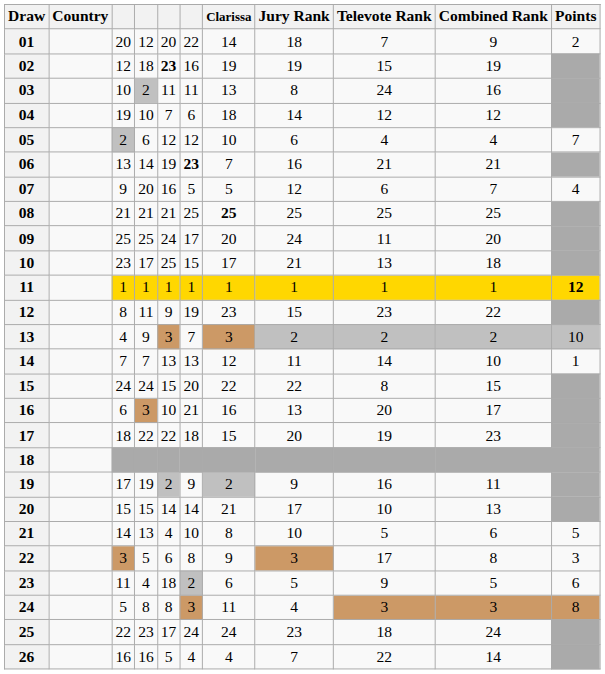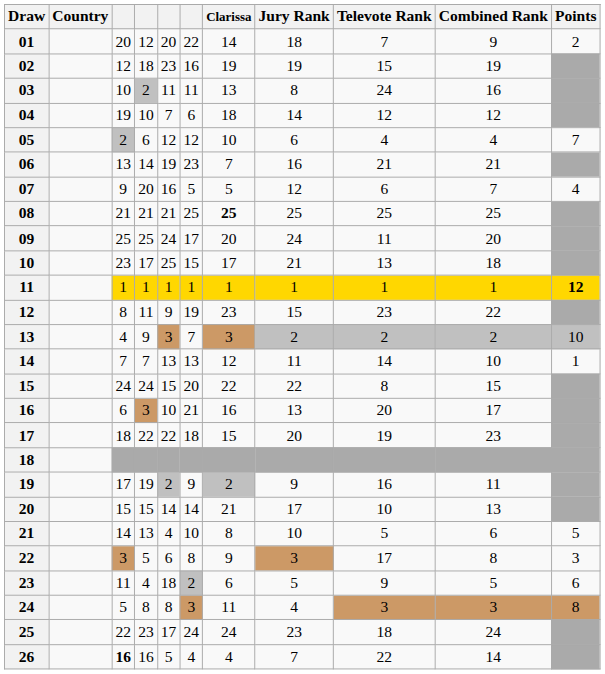 <table class="sortable wikitable collapsible plainrowheaders" style="text-align:center;">
 <tr>
 </tr>
 <tr>
 <th scope="col">Draw</th>
 <th scope="col">Country</th>
 <th scope="col"><small></small></th>
 <th scope="col"><small></small></th>
 <th scope="col"><small></small></th>
 <th scope="col"><small></small></th>
 <th scope="col"><small>Clarissa</small></th>
 <th scope="col">Jury Rank</th>
 <th scope="col">Televote Rank</th>
 <th scope="col">Combined Rank</th>
 <th scope="col">Points</th>
 </tr>
 <tr>
 <th scope="row" style="text-align:center;">01</th>
 <td style="text-align:left;"></td>
 <td>20</td>
 <td>12</td>
 <td>20</td>
 <td>22</td>
 <td>14</td>
 <td>18</td>
 <td>7</td>
 <td>9</td>
 <td>2</td>
 </tr>
 <tr>
 <th scope="row" style="text-align:center;">02</th>
 <td style="text-align:left;"></td>
 <td>12</td>
 <td>18</td>
-<td><strong>23</strong></td>
+<td>23</td>
 <td>16</td>
 <td>19</td>
 <td>19</td>
 <td>15</td>
 <td>19</td>
 <td style="background:#AAAAAA;"></td>
 </tr>
 <tr>
 <th scope="row" style="text-align:center;">03</th>
 <td style="text-align:left;"></td>
 <td>10</td>
 <td style="background:silver;">2</td>
 <td>11</td>
 <td>11</td>
 <td>13</td>
 <td>8</td>
 <td>24</td>
 <td>16</td>
 <td style="background:#AAAAAA;"></td>
 </tr>
 <tr>
 <th scope="row" style="text-align:center;">04</th>
 <td style="text-align:left;"></td>
 <td>19</td>
 <td>10</td>
 <td>7</td>
 <td>6</td>
 <td>18</td>
 <td>14</td>
 <td>12</td>
 <td>12</td>
 <td style="background:#AAAAAA;"></td>
 </tr>
 <tr>
 <th scope="row" style="text-align:center;">05</th>
 <td style="text-align:left;"></td>
 <td style="background:silver;">2</td>
 <td>6</td>
 <td>12</td>
 <td>12</td>
 <td>10</td>
 <td>6</td>
 <td>4</td>
 <td>4</td>
 <td>7</td>
 </tr>
 <tr>
 <th scope="row" style="text-align:center;">06</th>
 <td style="text-align:left;"></td>
 <td>13</td>
 <td>14</td>
 <td>19</td>
-<td><strong>23</strong></td>
+<td>23</td>
 <td>7</td>
 <td>16</td>
 <td>21</td>
 <td>21</td>
 <td style="background:#AAAAAA;"></td>
 </tr>
 <tr>
 <th scope="row" style="text-align:center;">07</th>
 <td style="text-align:left;"></td>
 <td>9</td>
 <td>20</td>
 <td>16</td>
 <td>5</td>
 <td>5</td>
 <td>12</td>
 <td>6</td>
 <td>7</td>
 <td>4</td>
 </tr>
 <tr>
 <th scope="row" style="text-align:center;">08</th>
 <td style="text-align:left;"></td>
 <td>21</td>
 <td>21</td>
 <td>21</td>
 <td>25</td>
 <td><strong>25</strong></td>
 <td>25</td>
 <td>25</td>
 <td>25</td>
 <td style="background:#AAAAAA;"></td>
 </tr>
 <tr>
 <th scope="row" style="text-align:center;">09</th>
 <td style="text-align:left;"></td>
 <td>25</td>
 <td>25</td>
 <td>24</td>
 <td>17</td>
 <td>20</td>
 <td>24</td>
 <td>11</td>
 <td>20</td>
 <td style="background:#AAAAAA;"></td>
 </tr>
 <tr>
 <th scope="row" style="text-align:center;">10</th>
 <td style="text-align:left;"></td>
 <td>23</td>
 <td>17</td>
 <td>25</td>
 <td>15</td>
 <td>17</td>
 <td>21</td>
 <td>13</td>
 <td>18</td>
 <td style="background:#AAAAAA;"></td>
 </tr>
 <tr>
 <th scope="row" style="text-align:center;">11</th>
 <td style="text-align:left;"></td>
 <td style="background:gold;">1</td>
 <td style="background:gold;">1</td>
 <td style="background:gold;">1</td>
 <td style="background:gold;">1</td>
 <td style="background:gold;">1</td>
 <td style="background:gold;">1</td>
 <td style="background:gold;">1</td>
 <td style="background:gold;">1</td>
 <td style="background:gold;"><strong>12</strong></td>
 </tr>
 <tr>
 <th scope="row" style="text-align:center;">12</th>
 <td style="text-align:left;"></td>
 <td>8</td>
 <td>11</td>
 <td>9</td>
 <td>19</td>
 <td>23</td>
 <td>15</td>
 <td>23</td>
 <td>22</td>
 <td style="background:#AAAAAA;"></td>
 </tr>
 <tr>
 <th scope="row" style="text-align:center;">13</th>
 <td style="text-align:left;"></td>
 <td>4</td>
 <td>9</td>
 <td style="background:#CC9966;">3</td>
 <td>7</td>
 <td style="background:#CC9966;">3</td>
 <td style="background:silver;">2</td>
 <td style="background:silver;">2</td>
 <td style="background:silver;">2</td>
 <td style="background:silver;">10</td>
 </tr>
 <tr>
 <th scope="row" style="text-align:center;">14</th>
 <td style="text-align:left;"></td>
 <td>7</td>
 <td>7</td>
 <td>13</td>
 <td>13</td>
 <td>12</td>
 <td>11</td>
 <td>14</td>
 <td>10</td>
 <td>1</td>
 </tr>
 <tr>
 <th scope="row" style="text-align:center;">15</th>
 <td style="text-align:left;"></td>
 <td>24</td>
 <td>24</td>
 <td>15</td>
 <td>20</td>
 <td>22</td>
 <td>22</td>
 <td>8</td>
 <td>15</td>
 <td style="background:#AAAAAA;"></td>
 </tr>
 <tr>
 <th scope="row" style="text-align:center;">16</th>
 <td style="text-align:left;"></td>
 <td>6</td>
 <td style="background:#CC9966;">3</td>
 <td>10</td>
 <td>21</td>
 <td>16</td>
 <td>13</td>
 <td>20</td>
 <td>17</td>
 <td style="background:#AAAAAA;"></td>
 </tr>
 <tr>
 <th scope="row" style="text-align:center;">17</th>
 <td style="text-align:left;"></td>
 <td>18</td>
 <td>22</td>
 <td>22</td>
 <td>18</td>
 <td>15</td>
 <td>20</td>
 <td>19</td>
 <td>23</td>
 <td style="background:#AAAAAA;"></td>
 </tr>
 <tr class="sortbottom">
 <th scope="row" style="text-align:center;">18</th>
 <td style="text-align:left;"></td>
 <td style="background:#AAAAAA;"></td>
 <td style="background:#AAAAAA;"></td>
 <td style="background:#AAAAAA;"></td>
 <td style="background:#AAAAAA;"></td>
 <td style="background:#AAAAAA;"></td>
 <td style="background:#AAAAAA;"></td>
 <td style="background:#AAAAAA;"></td>
 <td style="background:#AAAAAA;"></td>
 <td style="background:#AAAAAA;"></td>
 </tr>
 <tr>
 <th scope="row" style="text-align:center;">19</th>
 <td style="text-align:left;"></td>
 <td>17</td>
 <td>19</td>
 <td style="background:silver;">2</td>
 <td>9</td>
 <td style="background:silver;">2</td>
 <td>9</td>
 <td>16</td>
 <td>11</td>
 <td style="background:#AAAAAA;"></td>
 </tr>
 <tr>
 <th scope="row" style="text-align:center;">20</th>
 <td style="text-align:left;"></td>
 <td>15</td>
 <td>15</td>
 <td>14</td>
 <td>14</td>
 <td>21</td>
 <td>17</td>
 <td>10</td>
 <td>13</td>
 <td style="background:#AAAAAA;"></td>
 </tr>
 <tr>
 <th scope="row" style="text-align:center;">21</th>
 <td style="text-align:left;"></td>
 <td>14</td>
 <td>13</td>
 <td>4</td>
 <td>10</td>
 <td>8</td>
 <td>10</td>
 <td>5</td>
 <td>6</td>
 <td>5</td>
 </tr>
 <tr>
 <th scope="row" style="text-align:center;">22</th>
 <td style="text-align:left;"></td>
 <td style="background:#CC9966;">3</td>
 <td>5</td>
 <td>6</td>
 <td>8</td>
 <td>9</td>
 <td style="background:#CC9966;">3</td>
 <td>17</td>
 <td>8</td>
 <td>3</td>
 </tr>
 <tr>
 <th scope="row" style="text-align:center;">23</th>
 <td style="text-align:left;"></td>
 <td>11</td>
 <td>4</td>
 <td>18</td>
 <td style="background:silver;">2</td>
 <td>6</td>
 <td>5</td>
 <td>9</td>
 <td>5</td>
 <td>6</td>
 </tr>
 <tr>
 <th scope="row" style="text-align:center;">24</th>
 <td style="text-align:left;"></td>
 <td>5</td>
 <td>8</td>
 <td>8</td>
 <td style="background:#CC9966;">3</td>
 <td>11</td>
 <td>4</td>
 <td style="background:#CC9966;">3</td>
 <td style="background:#CC9966;">3</td>
 <td style="background:#CC9966;">8</td>
 </tr>
 <tr>
 <th scope="row" style="text-align:center;">25</th>
 <td style="text-align:left;"></td>
 <td>22</td>
 <td>23</td>
 <td>17</td>
 <td>24</td>
 <td>24</td>
 <td>23</td>
 <td>18</td>
 <td>24</td>
 <td style="background:#AAAAAA;"></td>
 </tr>
 <tr>
 <th scope="row" style="text-align:center;">26</th>
 <td style="text-align:left;"></td>
-<td>16</td>
+<td><strong>16</strong></td>
 <td>16</td>
 <td>5</td>
 <td>4</td>
 <td>4</td>
 <td>7</td>
 <td>22</td>
 <td>14</td>
 <td style="background:#AAAAAA;"></td>
 </tr>
 </table>
